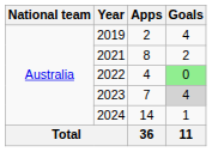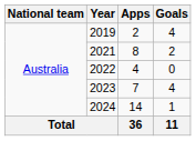 <table class="wikitable" style="text-align:center">
 <tr>
 <th>National team</th>
 <th>Year</th>
 <th>Apps</th>
 <th>Goals</th>
 </tr>
 <tr>
 <td rowspan="5"><a href='#'>Australia</a></td>
 <td>2019</td>
 <td>2</td>
 <td>4</td>
 </tr>
 <tr>
 <td>2021</td>
 <td>8</td>
 <td>2</td>
 </tr>
 <tr>
 <td>2022</td>
 <td>4</td>
-<td style="background: lightgreen;">0</td>
+<td>0</td>
 </tr>
 <tr>
 <td>2023</td>
 <td>7</td>
-<td style="background: lightgrey;">4</td>
+<td>4</td>
 </tr>
 <tr>
 <td>2024</td>
 <td>14</td>
 <td>1</td>
 </tr>
 <tr>
 <th colspan="2">Total</th>
 <th>36</th>
 <th>11</th>
 </tr>
 </table>
